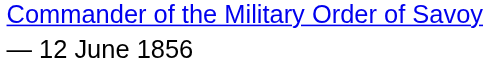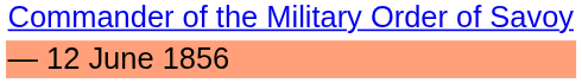 <table>
 <tr>
 <td rowspan=2 style="width:60px; vertical-align:top;"></td>
 <td><a href='#'>Commander of the Military Order of Savoy</a></td>
 </tr>
 <tr>
-<td>— 12 June 1856</td>
+<td style="background: lightsalmon;">— 12 June 1856</td>
 </tr>
 </table>
